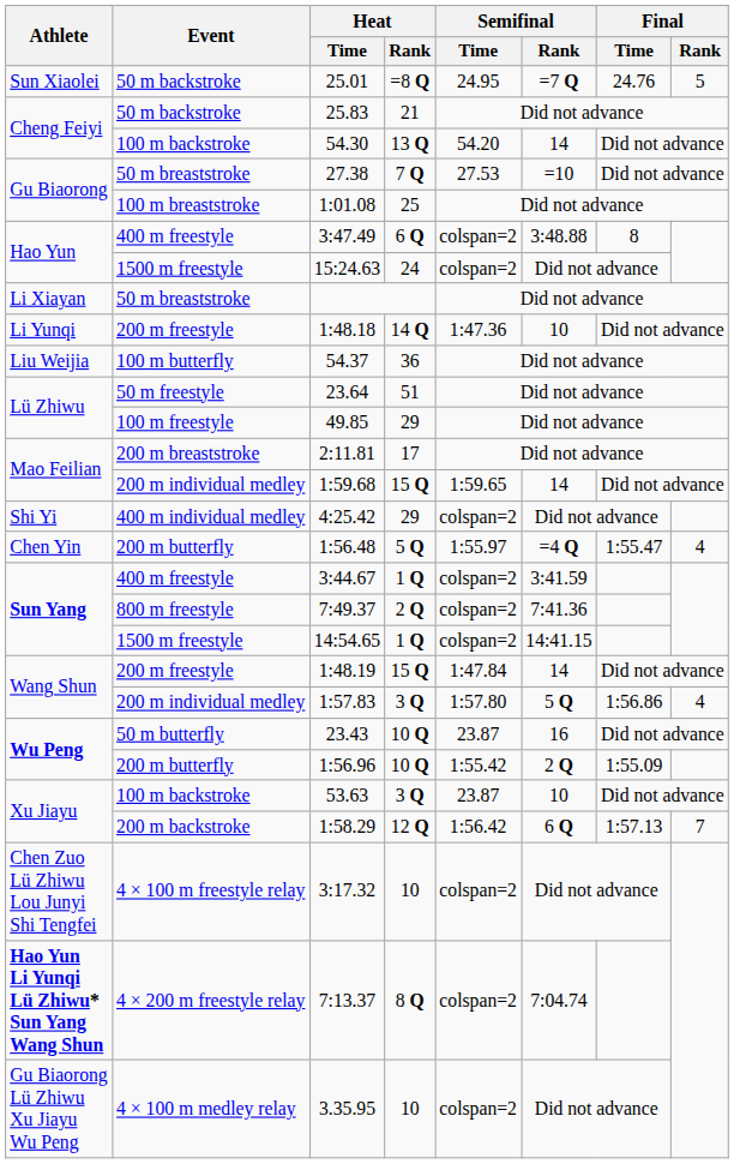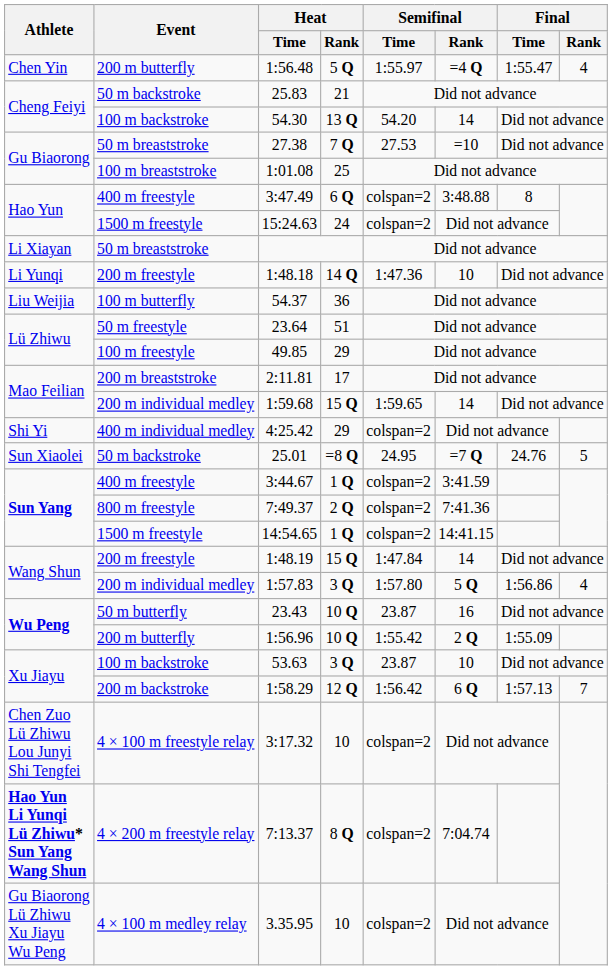 <table class=wikitable style="font-size:90%">
 <tr>
 <th rowspan="2">Athlete</th>
 <th rowspan="2">Event</th>
 <th colspan="2">Heat</th>
 <th colspan="2">Semifinal</th>
 <th colspan="2">Final</th>
 </tr>
 <tr style="font-size:95%">
 <th>Time</th>
 <th>Rank</th>
 <th>Time</th>
 <th>Rank</th>
 <th>Time</th>
 <th>Rank</th>
 </tr>
 <tr align=center>
-<td align=left><a href='#'>Sun Xiaolei</a></td>
-<td align=left><a href='#'>50 m backstroke</a></td>
-<td>25.01</td>
-<td>=8 <strong>Q</strong></td>
-<td>24.95</td>
-<td>=7 <strong>Q</strong></td>
-<td>24.76</td>
-<td>5</td>
+<td align=left><a href='#'>Chen Yin</a></td>
+<td align=left><a href='#'>200 m butterfly</a></td>
+<td>1:56.48</td>
+<td>5 <strong>Q</strong></td>
+<td>1:55.97</td>
+<td>=4 <strong>Q</strong></td>
+<td>1:55.47</td>
+<td>4</td>
 </tr>
 <tr align=center>
 <td align=left rowspan=2><a href='#'>Cheng Feiyi</a></td>
 <td align=left><a href='#'>50 m backstroke</a></td>
 <td>25.83</td>
 <td>21</td>
 <td colspan=4>Did not advance</td>
 </tr>
 <tr align=center>
 <td align=left><a href='#'>100 m backstroke</a></td>
 <td>54.30</td>
 <td>13 <strong>Q</strong></td>
 <td>54.20</td>
 <td>14</td>
 <td colspan=2>Did not advance</td>
 </tr>
 <tr align=center>
 <td align=left rowspan=2><a href='#'>Gu Biaorong</a></td>
 <td align=left><a href='#'>50 m breaststroke</a></td>
 <td>27.38</td>
 <td>7 <strong>Q</strong></td>
 <td>27.53</td>
 <td>=10</td>
 <td colspan=2>Did not advance</td>
 </tr>
 <tr align=center>
 <td align=left><a href='#'>100 m breaststroke</a></td>
 <td>1:01.08</td>
 <td>25</td>
 <td colspan=4>Did not advance</td>
 </tr>
 <tr align=center>
 <td align=left rowspan=2><a href='#'>Hao Yun</a></td>
 <td align=left><a href='#'>400 m freestyle</a></td>
 <td>3:47.49</td>
 <td>6 <strong>Q</strong></td>
 <td>colspan=2 </td>
 <td>3:48.88</td>
 <td>8</td>
 </tr>
 <tr align=center>
 <td align=left><a href='#'>1500 m freestyle</a></td>
 <td>15:24.63</td>
 <td>24</td>
 <td>colspan=2 </td>
 <td colspan=2>Did not advance</td>
 </tr>
 <tr align=center>
 <td align=left><a href='#'>Li Xiayan</a></td>
 <td align=left><a href='#'>50 m breaststroke</a></td>
 <td colspan=2></td>
 <td colspan=4>Did not advance</td>
 </tr>
 <tr align=center>
 <td align=left><a href='#'>Li Yunqi</a></td>
 <td align=left><a href='#'>200 m freestyle</a></td>
 <td>1:48.18</td>
 <td>14 <strong>Q</strong></td>
 <td>1:47.36</td>
 <td>10</td>
 <td colspan=2>Did not advance</td>
 </tr>
 <tr align=center>
 <td align=left><a href='#'>Liu Weijia</a></td>
 <td align=left><a href='#'>100 m butterfly</a></td>
 <td>54.37</td>
 <td>36</td>
 <td colspan=4>Did not advance</td>
 </tr>
 <tr align=center>
 <td align=left rowspan=2><a href='#'>Lü Zhiwu</a></td>
 <td align=left><a href='#'>50 m freestyle</a></td>
 <td>23.64</td>
 <td>51</td>
 <td colspan=4>Did not advance</td>
 </tr>
 <tr align=center>
 <td align=left><a href='#'>100 m freestyle</a></td>
 <td>49.85</td>
 <td>29</td>
 <td colspan=4>Did not advance</td>
 </tr>
 <tr align=center>
 <td align=left rowspan=2><a href='#'>Mao Feilian</a></td>
 <td align=left><a href='#'>200 m breaststroke</a></td>
 <td>2:11.81</td>
 <td>17</td>
 <td colspan=4>Did not advance</td>
 </tr>
 <tr align=center>
 <td align=left><a href='#'>200 m individual medley</a></td>
 <td>1:59.68</td>
 <td>15 <strong>Q</strong></td>
 <td>1:59.65</td>
 <td>14</td>
 <td colspan=2>Did not advance</td>
 </tr>
 <tr align=center>
 <td align=left><a href='#'>Shi Yi</a></td>
 <td align=left><a href='#'>400 m individual medley</a></td>
 <td>4:25.42</td>
 <td>29</td>
 <td>colspan=2 </td>
 <td colspan=2>Did not advance</td>
 </tr>
 <tr align=center>
-<td align=left><a href='#'>Chen Yin</a></td>
-<td align=left><a href='#'>200 m butterfly</a></td>
-<td>1:56.48</td>
-<td>5 <strong>Q</strong></td>
-<td>1:55.97</td>
-<td>=4 <strong>Q</strong></td>
-<td>1:55.47</td>
-<td>4</td>
+<td align=left><a href='#'>Sun Xiaolei</a></td>
+<td align=left><a href='#'>50 m backstroke</a></td>
+<td>25.01</td>
+<td>=8 <strong>Q</strong></td>
+<td>24.95</td>
+<td>=7 <strong>Q</strong></td>
+<td>24.76</td>
+<td>5</td>
 </tr>
 <tr align=center>
 <td align=left rowspan=3><strong><a href='#'>Sun Yang</a></strong></td>
 <td align=left><a href='#'>400 m freestyle</a></td>
 <td>3:44.67</td>
 <td>1 <strong>Q</strong></td>
 <td>colspan=2 </td>
 <td>3:41.59</td>
 <td></td>
 </tr>
 <tr align=center>
 <td align=left><a href='#'>800 m freestyle</a></td>
 <td>7:49.37</td>
 <td>2 <strong>Q</strong></td>
 <td>colspan=2 </td>
 <td>7:41.36</td>
 <td></td>
 </tr>
 <tr align=center>
 <td align=left><a href='#'>1500 m freestyle</a></td>
 <td>14:54.65</td>
 <td>1 <strong>Q</strong></td>
 <td>colspan=2 </td>
 <td>14:41.15</td>
 <td></td>
 </tr>
 <tr align=center>
 <td align=left rowspan=2><a href='#'>Wang Shun</a></td>
 <td align=left><a href='#'>200 m freestyle</a></td>
 <td>1:48.19</td>
 <td>15 <strong>Q</strong></td>
 <td>1:47.84</td>
 <td>14</td>
 <td colspan=2>Did not advance</td>
 </tr>
 <tr align=center>
 <td align=left><a href='#'>200 m individual medley</a></td>
 <td>1:57.83</td>
 <td>3 <strong>Q</strong></td>
 <td>1:57.80</td>
 <td>5 <strong>Q</strong></td>
 <td>1:56.86</td>
 <td>4</td>
 </tr>
 <tr align=center>
 <td align=left rowspan=2><strong><a href='#'>Wu Peng</a></strong></td>
 <td align=left><a href='#'>50 m butterfly</a></td>
 <td>23.43</td>
 <td>10 <strong>Q</strong></td>
 <td>23.87</td>
 <td>16</td>
 <td colspan=2>Did not advance</td>
 </tr>
 <tr align=center>
 <td align=left><a href='#'>200 m butterfly</a></td>
 <td>1:56.96</td>
 <td>10 <strong>Q</strong></td>
 <td>1:55.42</td>
 <td>2 <strong>Q</strong></td>
 <td>1:55.09</td>
 <td></td>
 </tr>
 <tr align=center>
 <td align=left rowspan=2><a href='#'>Xu Jiayu</a></td>
 <td align=left><a href='#'>100 m backstroke</a></td>
 <td>53.63</td>
 <td>3 <strong>Q</strong></td>
 <td>23.87</td>
 <td>10</td>
 <td colspan=2>Did not advance</td>
 </tr>
 <tr align=center>
 <td align=left><a href='#'>200 m backstroke</a></td>
 <td>1:58.29</td>
 <td>12 <strong>Q</strong></td>
 <td>1:56.42</td>
 <td>6 <strong>Q</strong></td>
 <td>1:57.13</td>
 <td>7</td>
 </tr>
 <tr align=center>
 <td align=left><a href='#'>Chen Zuo</a><br><a href='#'>Lü Zhiwu</a><br><a href='#'>Lou Junyi</a><br><a href='#'>Shi Tengfei</a></td>
 <td align=left><a href='#'>4 × 100 m freestyle relay</a></td>
 <td>3:17.32</td>
 <td>10</td>
 <td>colspan=2 </td>
 <td colspan=2>Did not advance</td>
 </tr>
 <tr align=center>
 <td align=left><strong><a href='#'>Hao Yun</a><br><a href='#'>Li Yunqi</a><br><a href='#'>Lü Zhiwu</a>*<br><a href='#'>Sun Yang</a><br><a href='#'>Wang Shun</a></strong></td>
 <td align=left><a href='#'>4 × 200 m freestyle relay</a></td>
 <td>7:13.37</td>
 <td>8 <strong>Q</strong></td>
 <td>colspan=2 </td>
 <td>7:04.74</td>
 <td></td>
 </tr>
 <tr align=center>
 <td align=left><a href='#'>Gu Biaorong</a><br><a href='#'>Lü Zhiwu</a><br><a href='#'>Xu Jiayu</a><br><a href='#'>Wu Peng</a></td>
 <td align=left><a href='#'>4 × 100 m medley relay</a></td>
 <td>3.35.95</td>
 <td>10</td>
 <td>colspan=2 </td>
 <td colspan=2>Did not advance</td>
 </tr>
 </table>
